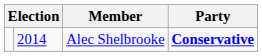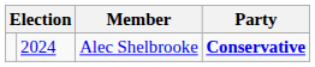 <table class="wikitable">
 <tr>
 <th colspan="2">Election</th>
 <th>Member</th>
 <th>Party</th>
 </tr>
 <tr>
 <td style="color:inherit;background-color: "></td>
-<td><a href='#'>2014</a></td>
+<td><a href='#'>2024</a></td>
 <td><a href='#'>Alec Shelbrooke</a></td>
 <td><strong><a href='#'>Conservative</a></strong></td>
 </tr>
 </table>
